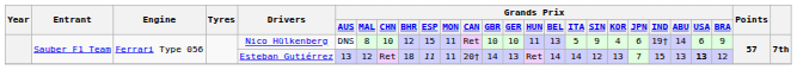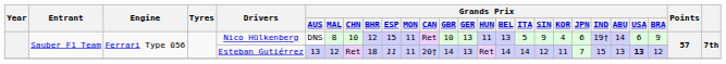 <table class="wikitable" style="text-align:center; font-size:95%">
 <tr>
 <th rowspan="2">Year</th>
 <th rowspan="2">Entrant</th>
 <th rowspan="2">Engine</th>
 <th rowspan="2">Tyres</th>
 <th rowspan="2">Drivers</th>
 <th colspan="19">Grands Prix</th>
 <th rowspan="2">Points</th>
 <th rowspan="2"></th>
 </tr>
 <tr>
 <th><a href='#'>AUS</a></th>
 <th><a href='#'>MAL</a></th>
 <th><a href='#'>CHN</a></th>
 <th><a href='#'>BHR</a></th>
 <th><a href='#'>ESP</a></th>
 <th><a href='#'>MON</a></th>
 <th><a href='#'>CAN</a></th>
 <th><a href='#'>GBR</a></th>
 <th><a href='#'>GER</a></th>
 <th><a href='#'>HUN</a></th>
 <th><a href='#'>BEL</a></th>
 <th><a href='#'>ITA</a></th>
 <th><a href='#'>SIN</a></th>
 <th><a href='#'>KOR</a></th>
 <th><a href='#'>JPN</a></th>
 <th><a href='#'>IND</a></th>
 <th><a href='#'>ABU</a></th>
 <th><a href='#'>USA</a></th>
 <th><a href='#'>BRA</a></th>
 </tr>
 <tr>
 <th rowspan=2></th>
 <td rowspan=2><a href='#'>Sauber F1 Team</a></td>
 <td rowspan=2><a href='#'>Ferrari</a> Type 056</td>
 <td rowspan=2></td>
 <td align="center"> <a href='#'>Nico Hülkenberg</a></td>
 <td style="background:#ffffff;">DNS</td>
 <td style="background:#dfffdf;">8</td>
 <td style="background:#dfffdf;">10</td>
 <td style="background:#cfcfff;">12</td>
 <td style="background:#cfcfff;">15</td>
 <td style="background:#cfcfff;">11</td>
 <td style="background:#efcfff;">Ret</td>
 <td style="background:#dfffdf;">10</td>
-<td style="background:#dfffdf;">10</td>
+<td style="background:#dfffdf;">13</td>
 <td style="background:#cfcfff;">11</td>
 <td style="background:#cfcfff;">13</td>
 <td style="background:#dfffdf;">5</td>
 <td style="background:#dfffdf;">9</td>
 <td style="background:#dfffdf;">4</td>
 <td style="background:#dfffdf;">6</td>
 <td style="background:#cfcfff;">19†</td>
 <td style="background:#cfcfff;">14</td>
 <td style="background:#dfffdf;">6</td>
 <td style="background:#dfffdf;">9</td>
 <th rowspan="2">57</th>
 <th rowspan="2">7th</th>
 </tr>
 <tr>
 <td align="center"> <a href='#'>Esteban Gutiérrez</a></td>
 <td style="background:#CFCFFF;">13</td>
 <td style="background:#cfcfff;">12</td>
 <td style="background:#EFCFFF;">Ret</td>
 <td style="background:#cfcfff;">18</td>
 <td style="background:#cfcfff;"><em>11</em></td>
 <td style="background:#cfcfff;">11</td>
 <td style="background:#cfcfff;">20†</td>
 <td style="background:#cfcfff;">14</td>
 <td style="background:#cfcfff;">13</td>
 <td style="background:#EFCFFF;">Ret</td>
 <td style="background:#cfcfff;">14</td>
 <td style="background:#cfcfff;">14</td>
 <td style="background:#cfcfff;">12</td>
-<td style="background:#cfcfff;">13</td>
+<td style="background:#cfcfff;">11</td>
 <td style="background:#dfffdf;">7</td>
 <td style="background:#cfcfff;">15</td>
 <td style="background:#cfcfff;">13</td>
 <td style="background:#cfcfff;"><strong>13</strong></td>
 <td style="background:#cfcfff;">12</td>
 </tr>
 <tr>
 </tr>
 </table>
